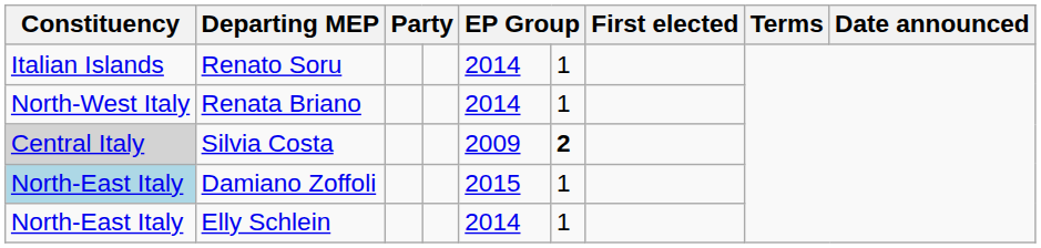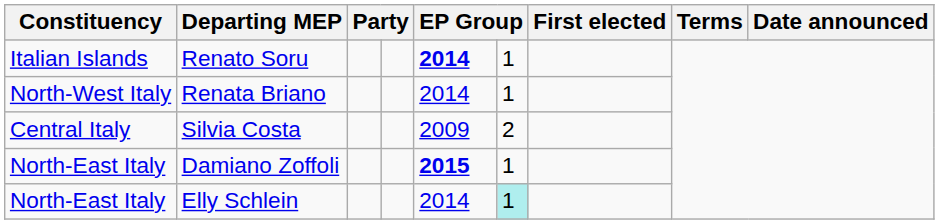 <table class="wikitable sortable">
 <tr>
 <th>Constituency</th>
 <th>Departing MEP</th>
 <th colspan="2">Party</th>
 <th colspan="2">EP Group</th>
 <th>First elected</th>
 <th>Terms</th>
 <th>Date announced</th>
 </tr>
 <tr>
 <td><a href='#'>Italian Islands</a></td>
 <td data-sort-value="Soru, Renato"><a href='#'>Renato Soru</a></td>
 <td></td>
 <td></td>
-<td><a href='#'>2014</a></td>
+<td><strong><a href='#'>2014</a></strong></td>
 <td>1</td>
 <td></td>
 </tr>
 <tr>
 <td><a href='#'>North-West Italy</a></td>
 <td data-sort-value="Briano, Renata"><a href='#'>Renata Briano</a></td>
 <td></td>
 <td></td>
 <td><a href='#'>2014</a></td>
 <td>1</td>
 <td></td>
 </tr>
 <tr>
-<td style="background: lightgrey;"><a href='#'>Central Italy</a></td>
+<td><a href='#'>Central Italy</a></td>
 <td data-sort-value="Costa, Silvia"><a href='#'>Silvia Costa</a></td>
 <td></td>
 <td></td>
 <td><a href='#'>2009</a></td>
-<td><strong>2</strong></td>
+<td>2</td>
 <td></td>
 </tr>
 <tr>
-<td style="background: lightblue;"><a href='#'>North-East Italy</a></td>
+<td><a href='#'>North-East Italy</a></td>
 <td data-sort-value="Zoffoli, Damiano"><a href='#'>Damiano Zoffoli</a></td>
 <td></td>
 <td></td>
-<td><a href='#'>2015</a></td>
+<td><strong><a href='#'>2015</a></strong></td>
 <td>1</td>
 <td></td>
 </tr>
 <tr>
 <td><a href='#'>North-East Italy</a></td>
 <td data-sort-value="Schlein, Elly"><a href='#'>Elly Schlein</a></td>
 <td></td>
 <td></td>
 <td><a href='#'>2014</a></td>
-<td>1</td>
+<td style="background: paleturquoise;">1</td>
 <td></td>
 </tr>
 </table>
